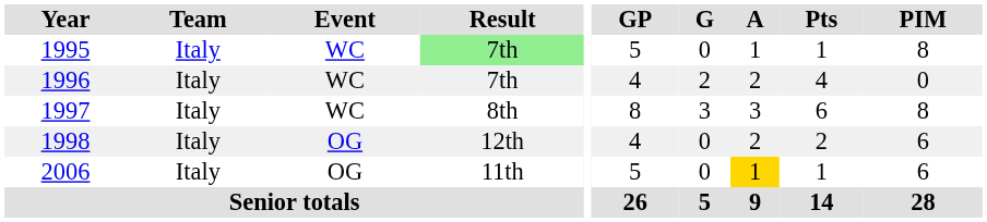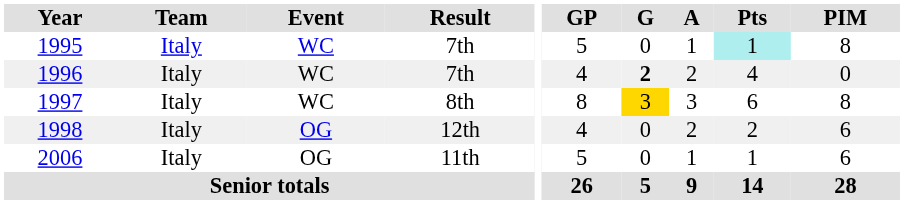 <table border="0" cellpadding="1" cellspacing="0" ID="Table3" style="text-align:center; width:40em">
 <tr ALIGN="center" bgcolor="#e0e0e0">
 <th>Year</th>
 <th>Team</th>
 <th>Event</th>
 <th>Result</th>
 <th rowspan="100" bgcolor="#ffffff"></th>
 <th>GP</th>
 <th>G</th>
 <th>A</th>
 <th>Pts</th>
 <th>PIM</th>
 </tr>
 <tr>
 <td><a href='#'>1995</a></td>
 <td><a href='#'>Italy</a></td>
 <td><a href='#'>WC</a></td>
-<td style="background: lightgreen;">7th</td>
+<td>7th</td>
 <td>5</td>
 <td>0</td>
 <td>1</td>
-<td>1</td>
+<td style="background: paleturquoise;">1</td>
 <td>8</td>
 </tr>
 <tr bgcolor="#f0f0f0">
 <td><a href='#'>1996</a></td>
 <td>Italy</td>
 <td>WC</td>
 <td>7th</td>
 <td>4</td>
-<td>2</td>
+<td><strong>2</strong></td>
 <td>2</td>
 <td>4</td>
 <td>0</td>
 </tr>
 <tr>
 <td><a href='#'>1997</a></td>
 <td>Italy</td>
 <td>WC</td>
 <td>8th</td>
 <td>8</td>
-<td>3</td>
+<td style="background: gold;">3</td>
 <td>3</td>
 <td>6</td>
 <td>8</td>
 </tr>
 <tr style="background:#f0f0f0;">
 <td><a href='#'>1998</a></td>
 <td>Italy</td>
 <td><a href='#'>OG</a></td>
 <td>12th</td>
 <td>4</td>
 <td>0</td>
 <td>2</td>
 <td>2</td>
 <td>6</td>
 </tr>
 <tr>
 <td><a href='#'>2006</a></td>
 <td>Italy</td>
 <td>OG</td>
 <td>11th</td>
 <td>5</td>
 <td>0</td>
-<td style="background: gold;">1</td>
+<td>1</td>
 <td>1</td>
 <td>6</td>
 </tr>
 <tr bgcolor="#e0e0e0">
 <th colspan="4">Senior totals</th>
 <th>26</th>
 <th>5</th>
 <th>9</th>
 <th>14</th>
 <th>28</th>
 </tr>
 </table>
